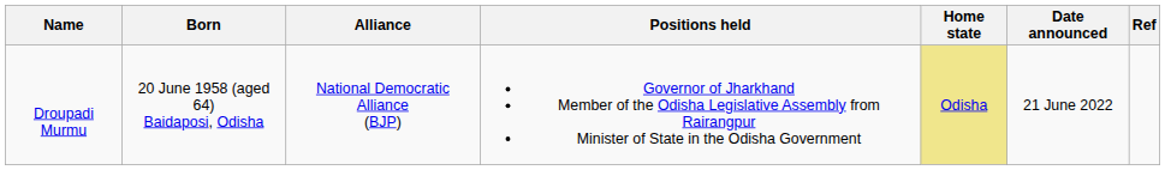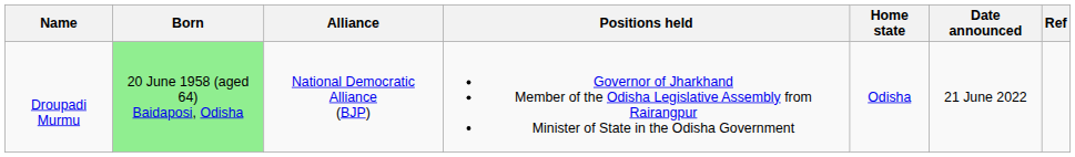 <table class="wikitable" style="text-align:center">
 <tr>
 <th>Name</th>
 <th>Born</th>
 <th>Alliance</th>
 <th>Positions held</th>
 <th>Home state</th>
 <th>Date announced</th>
 <th class="unsortable">Ref</th>
 </tr>
 <tr>
 <td data-sort-value="Murmu"><br><br><a href='#'>Droupadi Murmu</a></td>
-<td>20 June 1958 (aged 64) <br><a href='#'>Baidaposi</a>, <a href='#'>Odisha</a></td>
+<td style="background: lightgreen;">20 June 1958 (aged 64) <br><a href='#'>Baidaposi</a>, <a href='#'>Odisha</a></td>
 <td><a href='#'>National Democratic Alliance</a><br>(<a href='#'>BJP</a>)</td>
 <td><br><ul><li><a href='#'>Governor of Jharkhand</a> </li><li>Member of the <a href='#'>Odisha Legislative Assembly</a> from <a href='#'>Rairangpur</a> </li><li>Minister of State in the Odisha Government </li></ul></td>
-<td style="background: khaki;"><a href='#'>Odisha</a></td>
+<td><a href='#'>Odisha</a></td>
 <td rowspan="2">21 June 2022</td>
 <td></td>
 </tr>
 </table>
